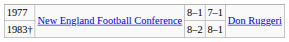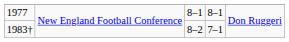 <table class="wikitable">
 <tr>
 </tr>
 <tr>
 <td>1977</td>
 <td rowspan=2><a href='#'>New England Football Conference</a></td>
 <td>8–1</td>
-<td>7–1</td>
+<td>8–1</td>
 <td rowspan=2><a href='#'>Don Ruggeri</a></td>
 </tr>
 <tr>
 <td>1983†</td>
 <td>8–2</td>
-<td>8–1</td>
+<td>7–1</td>
 </tr>
 </table>
